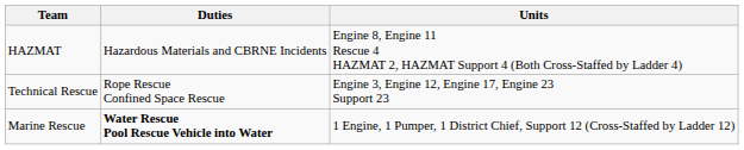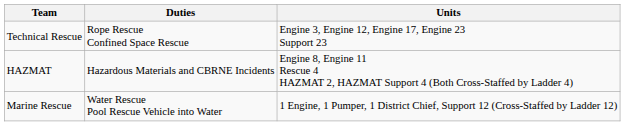 <table class="wikitable">
 <tr>
 <th>Team</th>
 <th>Duties</th>
 <th>Units</th>
 </tr>
 <tr>
+<td>Technical Rescue</td>
+<td>Rope Rescue<br>Confined Space Rescue</td>
+<td>Engine 3, Engine 12, Engine 17, Engine 23<br>Support 23</td>
+</tr>
+<tr>
 <td>HAZMAT</td>
 <td>Hazardous Materials and CBRNE Incidents</td>
 <td>Engine 8, Engine 11<br>Rescue 4<br>HAZMAT 2, HAZMAT Support 4 (Both Cross-Staffed by Ladder 4)</td>
 </tr>
 <tr>
-<td>Technical Rescue</td>
-<td>Rope Rescue<br>Confined Space Rescue</td>
-<td>Engine 3, Engine 12, Engine 17, Engine 23<br>Support 23</td>
-</tr>
-<tr>
 <td>Marine Rescue</td>
-<td><strong>Water Rescue<br>Pool Rescue  Vehicle into Water</strong></td>
+<td>Water Rescue<br>Pool Rescue  Vehicle into Water</td>
 <td>1 Engine, 1 Pumper, 1 District Chief, Support 12 (Cross-Staffed by Ladder 12)</td>
 </tr>
 </table>
